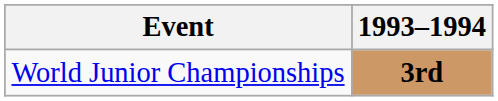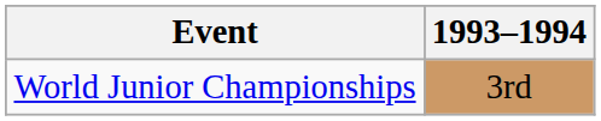 <table class="wikitable" style="text-align:center">
 <tr>
 <th>Event</th>
 <th>1993–1994</th>
 </tr>
 <tr>
 <td align=left><a href='#'>World Junior Championships</a></td>
-<td bgcolor=cc9966><strong>3rd</strong></td>
+<td bgcolor=cc9966>3rd</td>
 </tr>
 </table>
